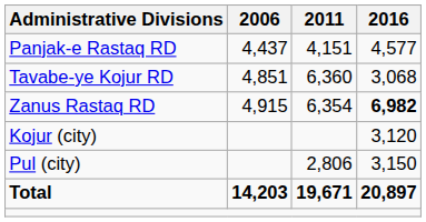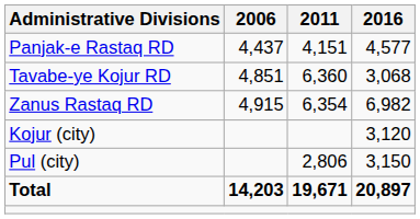 <table class="wikitable">
 <tr>
 <th>Administrative Divisions</th>
 <th>2006</th>
 <th>2011</th>
 <th>2016</th>
 </tr>
 <tr>
 <td><a href='#'>Panjak-e Rastaq RD</a></td>
 <td style="text-align: right;">4,437</td>
 <td style="text-align: right;">4,151</td>
 <td style="text-align: right;">4,577</td>
 </tr>
 <tr>
 <td><a href='#'>Tavabe-ye Kojur RD</a></td>
 <td style="text-align: right;">4,851</td>
 <td style="text-align: right;">6,360</td>
 <td style="text-align: right;">3,068</td>
 </tr>
 <tr>
 <td><a href='#'>Zanus Rastaq RD</a></td>
 <td style="text-align: right;">4,915</td>
 <td style="text-align: right;">6,354</td>
-<td style="text-align: right;"><strong>6,982</strong></td>
+<td style="text-align: right;">6,982</td>
 </tr>
 <tr>
 <td><a href='#'>Kojur</a> (city)</td>
 <td style="text-align: right;"></td>
 <td style="text-align: right;"></td>
 <td style="text-align: right;">3,120</td>
 </tr>
 <tr>
 <td><a href='#'>Pul</a> (city)</td>
 <td style="text-align: right;"></td>
 <td style="text-align: right;">2,806</td>
 <td style="text-align: right;">3,150</td>
 </tr>
 <tr>
 <td><strong>Total</strong></td>
 <td style="text-align: right;"><strong>14,203</strong></td>
 <td style="text-align: right;"><strong>19,671</strong></td>
 <td style="text-align: right;"><strong>20,897</strong></td>
 </tr>
 <tr>
 <td colspan=4></td>
 </tr>
 </table>
